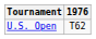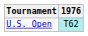 <table class="wikitable" style="font-size:95%;text-align:center;">
 <tr>
 <th>Tournament</th>
 <th>1976</th>
 </tr>
 <tr>
 <td align="left"><a href='#'>U.S. Open</a></td>
-<td>T62</td>
+<td style="background: paleturquoise;">T62</td>
 </tr>
 </table>
